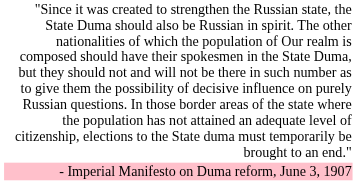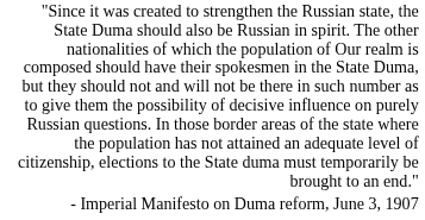 <table style="float:right; margin-left: 10px;" width="400">
 <tr style="text-align:right">
 <td>"Since it was created to strengthen the Russian state, the State Duma should also be Russian in spirit. The other nationalities of which the population of Our realm is composed should have their spokesmen in the State Duma, but they should not and will not be there in such number as to give them the possibility of decisive influence on purely Russian questions. In those border areas of the state where the population has not attained an adequate level of citizenship, elections to the State duma must temporarily be brought to an end."</td>
 </tr>
 <tr style="text-align:right">
-<td style="background: pink;">- Imperial Manifesto on Duma reform, June 3, 1907</td>
+<td>- Imperial Manifesto on Duma reform, June 3, 1907</td>
 </tr>
 <tr>
 </tr>
 </table>
